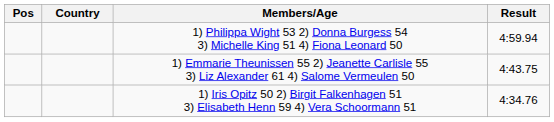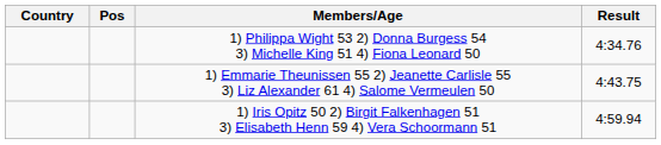 <table class="wikitable"  style="text-align:center; width:60%;">
 <tr>
+<th>Country</th>
 <th>Pos</th>
-<th>Country</th>
 <th>Members/Age</th>
 <th>Result</th>
 </tr>
 <tr>
+<td align=left></td>
 <td align=center></td>
-<td align=left></td>
 <td>1) <a href='#'>Philippa Wight</a> 53 2) <a href='#'>Donna Burgess</a> 54<br>3) <a href='#'>Michelle King</a> 51 4) <a href='#'>Fiona Leonard</a> 50</td>
-<td>4:59.94</td>
+<td>4:34.76</td>
 </tr>
 <tr>
+<td align=left></td>
 <td align=center></td>
-<td align=left></td>
 <td>1) <a href='#'>Emmarie Theunissen</a> 55 2) <a href='#'>Jeanette Carlisle</a> 55<br>3) <a href='#'>Liz Alexander</a> 61 4) <a href='#'>Salome Vermeulen</a> 50</td>
 <td>4:43.75</td>
 </tr>
 <tr>
+<td align=left></td>
 <td align=center></td>
-<td align=left></td>
 <td>1) <a href='#'>Iris Opitz</a> 50 2) <a href='#'>Birgit Falkenhagen</a> 51<br>3) <a href='#'>Elisabeth Henn</a> 59 4) <a href='#'>Vera Schoormann</a> 51</td>
-<td>4:34.76</td>
+<td>4:59.94</td>
 </tr>
 </table>
